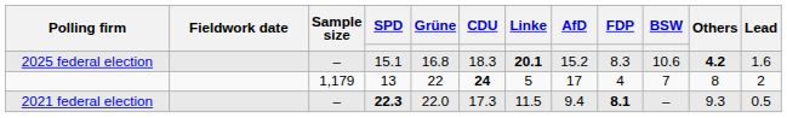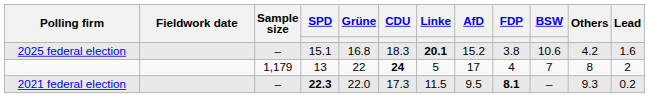 <table class="wikitable sortable mw-datatable" style="text-align:center;font-size:90%;line-height:14px;">
 <tr style="height:40px;">
 <th style="width:160px;" rowspan="2">Polling firm</th>
 <th style="width:135px;" rowspan="2">Fieldwork date</th>
 <th style="width:35px;" rowspan="2">Sample<br>size</th>
 <th class="unsortable" style="width:40px;"><a href='#'>SPD</a></th>
 <th class="unsortable" style="width:40px;"><a href='#'>Grüne</a></th>
 <th class="unsortable" style="width:40px;"><a href='#'>CDU</a></th>
 <th class="unsortable" style="width:40px;"><a href='#'>Linke</a></th>
 <th class="unsortable" style="width:40px;"><a href='#'>AfD</a></th>
 <th class="unsortable" style="width:40px;"><a href='#'>FDP</a></th>
 <th class="unsortable" style="width:40px;"><a href='#'>BSW</a></th>
 <th class="unsortable" style="width:30px;" rowspan="2">Others</th>
 <th style="width:30px;" rowspan="2">Lead</th>
 </tr>
 <tr>
 <th style="background:"></th>
 <th style="background:"></th>
 <th style="background:"></th>
 <th style="background:"></th>
 <th style="background:"></th>
 <th style="background:"></th>
 <th style="background:"></th>
 </tr>
 <tr style="background:#E9E9E9;">
 <td><a href='#'>2025 federal election</a></td>
 <td></td>
 <td>–</td>
 <td>15.1</td>
 <td>16.8</td>
 <td>18.3</td>
 <td style="background:"><strong>20.1</strong></td>
 <td>15.2</td>
-<td>8.3</td>
+<td>3.8</td>
 <td>10.6</td>
-<td><strong>4.2</strong></td>
+<td>4.2</td>
 <td style="background:">1.6</td>
 </tr>
 <tr>
 <td></td>
 <td></td>
 <td>1,179</td>
 <td>13</td>
 <td>22</td>
 <td><strong>24</strong></td>
 <td>5</td>
 <td>17</td>
 <td>4</td>
 <td>7</td>
 <td>8</td>
 <td style="background:">2</td>
 </tr>
 <tr style="background:#E9E9E9;">
 <td><a href='#'>2021 federal election</a></td>
 <td></td>
 <td>–</td>
 <td><strong>22.3</strong></td>
 <td>22.0</td>
 <td>17.3</td>
 <td>11.5</td>
-<td>9.4</td>
+<td>9.5</td>
 <td><strong>8.1</strong></td>
 <td>–</td>
 <td>9.3</td>
-<td style="background:">0.5</td>
+<td style="background:">0.2</td>
 </tr>
 </table>
